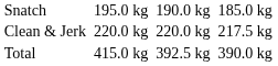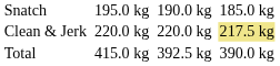 <table>
 <tr>
 <td>Snatch</td>
 <td></td>
 <td>195.0 kg</td>
 <td></td>
 <td>190.0 kg</td>
 <td></td>
 <td>185.0 kg</td>
 </tr>
 <tr>
 <td>Clean & Jerk</td>
 <td></td>
 <td>220.0 kg</td>
 <td></td>
 <td>220.0 kg</td>
 <td></td>
-<td>217.5 kg</td>
+<td style="background: khaki;">217.5 kg</td>
 </tr>
 <tr>
 <td>Total</td>
 <td></td>
 <td>415.0 kg</td>
 <td></td>
 <td>392.5 kg</td>
 <td></td>
 <td>390.0 kg</td>
 </tr>
 </table>
